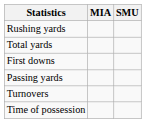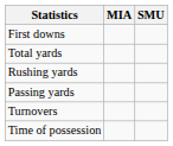 <table class="wikitable" style="float:left">
 <tr>
 <th>Statistics</th>
 <th>MIA</th>
 <th>SMU</th>
 </tr>
 <tr>
-<td>Rushing yards</td>
+<td>First downs</td>
 <td></td>
 <td></td>
 </tr>
 <tr>
 <td>Total yards</td>
 <td></td>
 <td></td>
 </tr>
 <tr>
-<td>First downs</td>
+<td>Rushing yards</td>
 <td></td>
 <td></td>
 </tr>
 <tr>
 <td>Passing yards</td>
 <td></td>
 <td></td>
 </tr>
 <tr>
 <td>Turnovers</td>
 <td></td>
 <td></td>
 </tr>
 <tr>
 <td>Time of possession</td>
 <td></td>
 <td></td>
 </tr>
 </table>
